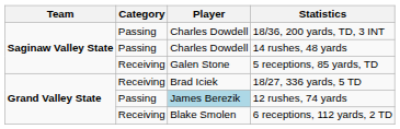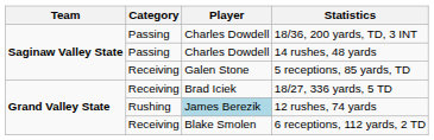 <table class="wikitable" style="float: right;">
 <tr>
 <th>Team</th>
 <th>Category</th>
 <th>Player</th>
 <th>Statistics</th>
 </tr>
 <tr>
 <td rowspan=3><strong>Saginaw Valley State</strong></td>
 <td>Passing</td>
 <td>Charles Dowdell</td>
 <td>18/36, 200 yards, TD, 3 INT</td>
 </tr>
 <tr>
 <td>Passing</td>
 <td>Charles Dowdell</td>
 <td>14 rushes, 48 yards</td>
 </tr>
 <tr>
 <td>Receiving</td>
 <td>Galen Stone</td>
 <td>5 receptions, 85 yards, TD</td>
 </tr>
 <tr>
 <td rowspan=3><strong>Grand Valley State</strong></td>
 <td>Receiving</td>
 <td>Brad Iciek</td>
 <td>18/27, 336 yards, 5 TD</td>
 </tr>
 <tr>
-<td>Passing</td>
+<td>Rushing</td>
 <td style="background: lightblue;">James Berezik</td>
 <td>12 rushes, 74 yards</td>
 </tr>
 <tr>
 <td>Receiving</td>
 <td>Blake Smolen</td>
 <td>6 receptions, 112 yards, 2 TD</td>
 </tr>
 </table>
